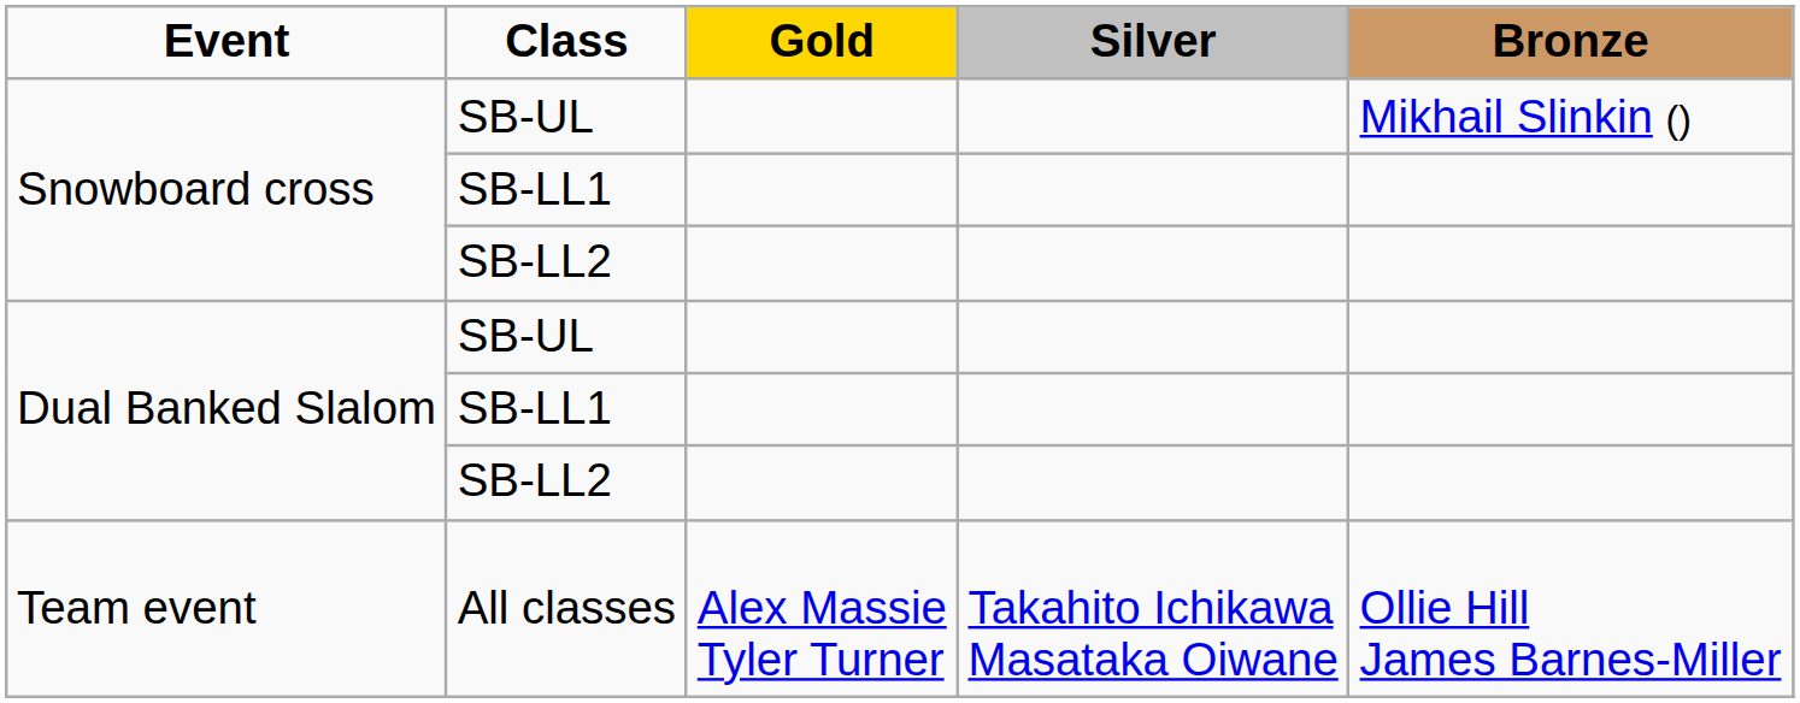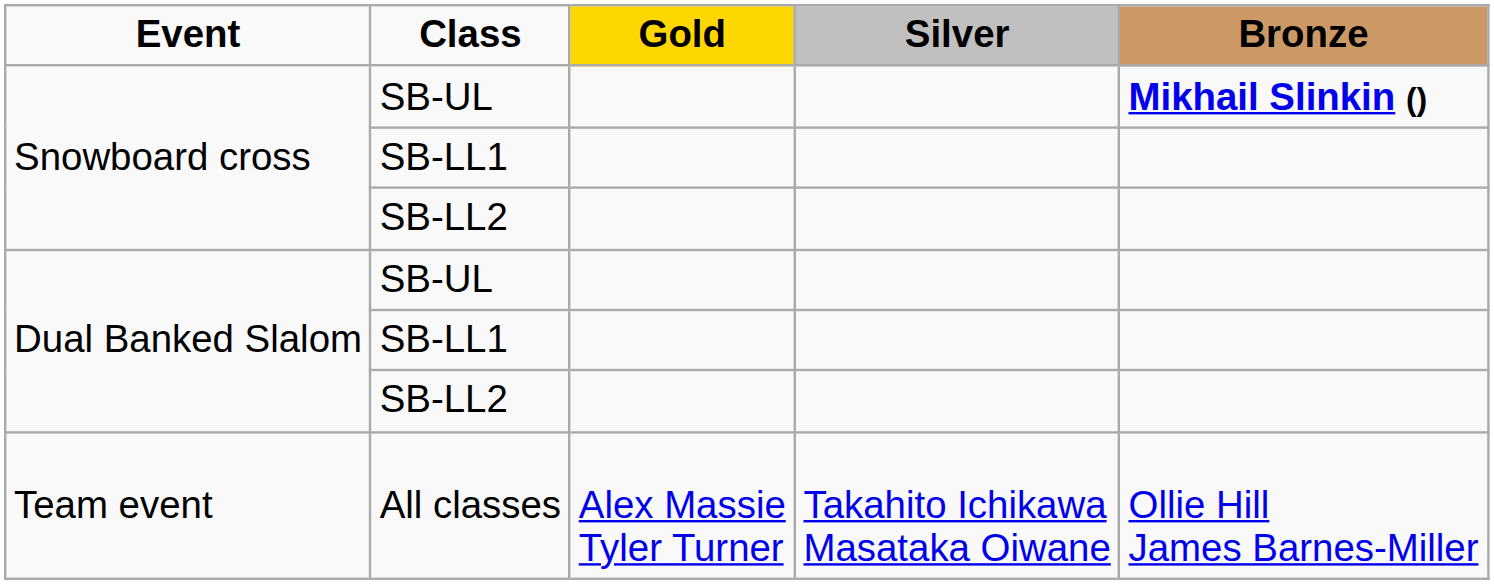 <table class="wikitable">
 <tr>
 <td align="center"><strong>Event</strong></td>
 <td align="center"><strong>Class</strong></td>
 <td style="text-align:center;background-color:gold;"><strong>Gold</strong></td>
 <td style="text-align:center;background-color:silver;"><strong>Silver</strong></td>
 <td style="text-align:center;background-color:#CC9966;"><strong>Bronze</strong></td>
 </tr>
 <tr>
 <td rowspan="3">Snowboard cross</td>
 <td>SB-UL</td>
 <td></td>
 <td></td>
-<td><a href='#'>Mikhail Slinkin</a> <small>()</small></td>
+<td><strong><a href='#'>Mikhail Slinkin</a> <small>()</small></strong></td>
 </tr>
 <tr>
 <td>SB-LL1</td>
 <td></td>
 <td></td>
 <td></td>
 </tr>
 <tr>
 <td>SB-LL2</td>
 <td></td>
 <td></td>
 <td></td>
 </tr>
 <tr>
 <td rowspan="3">Dual Banked Slalom</td>
 <td>SB-UL</td>
 <td></td>
 <td></td>
 <td></td>
 </tr>
 <tr>
 <td>SB-LL1</td>
 <td></td>
 <td></td>
 <td></td>
 </tr>
 <tr>
 <td>SB-LL2</td>
 <td></td>
 <td></td>
 <td></td>
 </tr>
 <tr>
 <td>Team event</td>
 <td>All classes</td>
 <td><br><a href='#'>Alex Massie</a><br><a href='#'>Tyler Turner</a></td>
 <td><br><a href='#'>Takahito Ichikawa</a><br><a href='#'>Masataka Oiwane</a></td>
 <td><br><a href='#'>Ollie Hill</a><br><a href='#'>James Barnes-Miller</a></td>
 </tr>
 </table>
